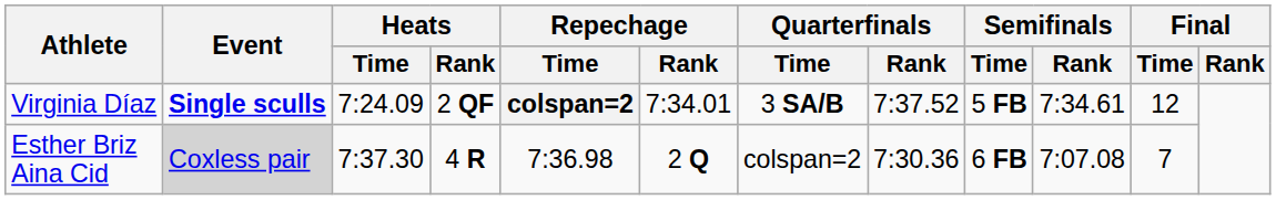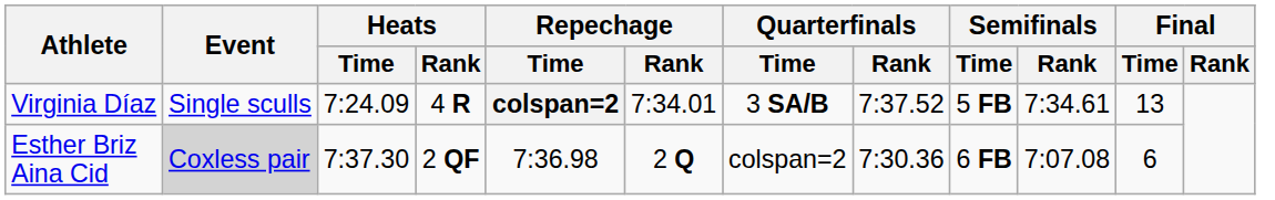 <table class="wikitable" style="font-size:90%">
 <tr>
 <th rowspan="2">Athlete</th>
 <th rowspan="2">Event</th>
 <th colspan="2">Heats</th>
 <th colspan="2">Repechage</th>
 <th colspan="2">Quarterfinals</th>
 <th colspan="2">Semifinals</th>
 <th colspan="2">Final</th>
 </tr>
 <tr style="font-size:95%">
 <th>Time</th>
 <th>Rank</th>
 <th>Time</th>
 <th>Rank</th>
 <th>Time</th>
 <th>Rank</th>
 <th>Time</th>
 <th>Rank</th>
 <th>Time</th>
 <th>Rank</th>
 </tr>
 <tr align=center>
 <td align=left><a href='#'>Virginia Díaz</a></td>
-<td align=left><strong><a href='#'>Single sculls</a></strong></td>
+<td align=left><a href='#'>Single sculls</a></td>
 <td>7:24.09</td>
-<td>2 <strong>QF</strong></td>
+<td>4 <strong>R</strong></td>
 <th>colspan=2 </th>
 <td>7:34.01</td>
 <td>3 <strong>SA/B</strong></td>
 <td>7:37.52</td>
 <td>5 <strong>FB</strong></td>
 <td>7:34.61</td>
-<td>12</td>
+<td>13</td>
 </tr>
 <tr align=center>
 <td align=left><a href='#'>Esther Briz</a><br><a href='#'>Aina Cid</a></td>
 <td align=left style="background: lightgrey;"><a href='#'>Coxless pair</a></td>
 <td>7:37.30</td>
-<td>4 <strong>R</strong></td>
+<td>2 <strong>QF</strong></td>
 <td>7:36.98</td>
 <td>2 <strong>Q</strong></td>
 <td>colspan=2 </td>
 <td>7:30.36</td>
 <td>6 <strong>FB</strong></td>
 <td>7:07.08</td>
-<td>7</td>
+<td>6</td>
 </tr>
 </table>
